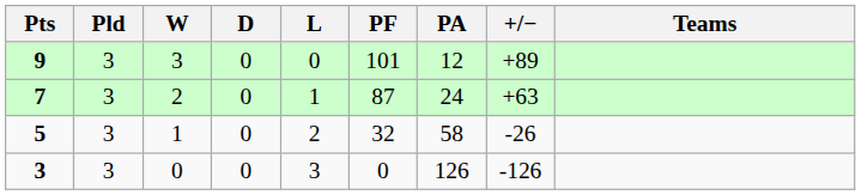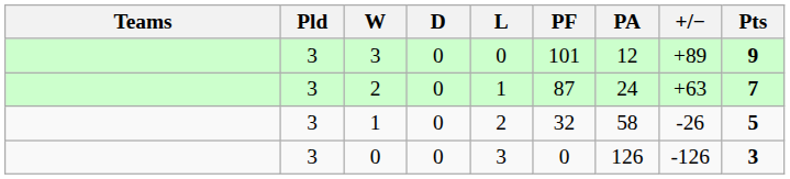 <table class="wikitable" style="text-align: center;">
 <tr>
-<th width="40">Pts</th>
+<th width="200">Teams</th>
 <th width="40">Pld</th>
 <th width="40">W</th>
 <th width="40">D</th>
 <th width="40">L</th>
 <th width="40">PF</th>
 <th width="40">PA</th>
 <th width="40">+/−</th>
-<th width="200">Teams</th>
+<th width="40">Pts</th>
 </tr>
 <tr style=background:#cfc>
-<td><strong>9</strong></td>
+<td align=left></td>
 <td>3</td>
 <td>3</td>
 <td>0</td>
 <td>0</td>
 <td>101</td>
 <td>12</td>
 <td>+89</td>
-<td align=left></td>
+<td><strong>9</strong></td>
 </tr>
 <tr style=background:#cfc>
-<td><strong>7</strong></td>
+<td align=left></td>
 <td>3</td>
 <td>2</td>
 <td>0</td>
 <td>1</td>
 <td>87</td>
 <td>24</td>
 <td>+63</td>
-<td align=left></td>
+<td><strong>7</strong></td>
 </tr>
 <tr>
-<td><strong>5</strong></td>
+<td align=left></td>
 <td>3</td>
 <td>1</td>
 <td>0</td>
 <td>2</td>
 <td>32</td>
 <td>58</td>
 <td>-26</td>
-<td align=left></td>
+<td><strong>5</strong></td>
 </tr>
 <tr>
-<td><strong>3</strong></td>
+<td align=left></td>
 <td>3</td>
 <td>0</td>
 <td>0</td>
 <td>3</td>
 <td>0</td>
 <td>126</td>
 <td>-126</td>
-<td align=left></td>
+<td><strong>3</strong></td>
 </tr>
 </table>
